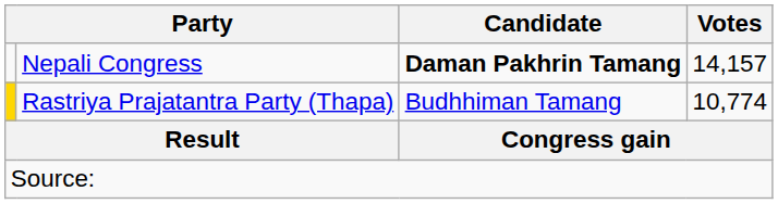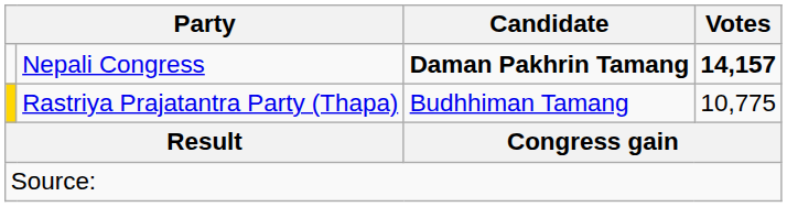 <table class="wikitable">
 <tr>
 <th colspan="2">Party</th>
 <th>Candidate</th>
 <th>Votes</th>
 </tr>
 <tr>
 <td style="background-color:"></td>
 <td><a href='#'>Nepali Congress</a></td>
 <td><strong>Daman Pakhrin Tamang</strong></td>
-<td>14,157</td>
+<td><strong>14,157</strong></td>
 </tr>
 <tr>
 <td style="background-color:gold"></td>
 <td><a href='#'>Rastriya Prajatantra Party (Thapa)</a></td>
 <td><a href='#'>Budhhiman Tamang</a></td>
-<td>10,774</td>
+<td>10,775</td>
 </tr>
 <tr>
 <th colspan="2">Result</th>
 <th colspan="2">Congress gain</th>
 </tr>
 <tr>
 <td colspan="4">Source: </td>
 </tr>
 </table>
